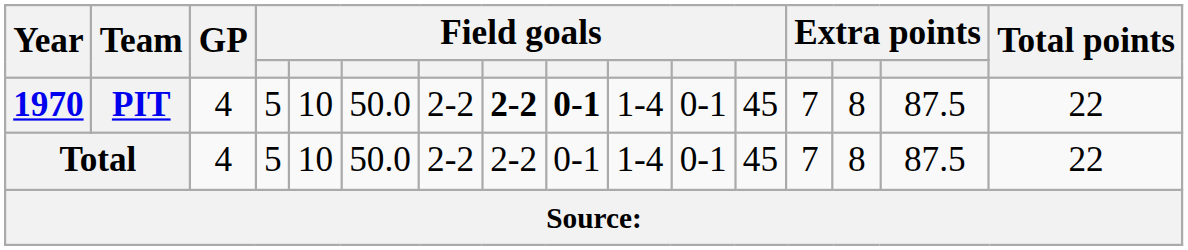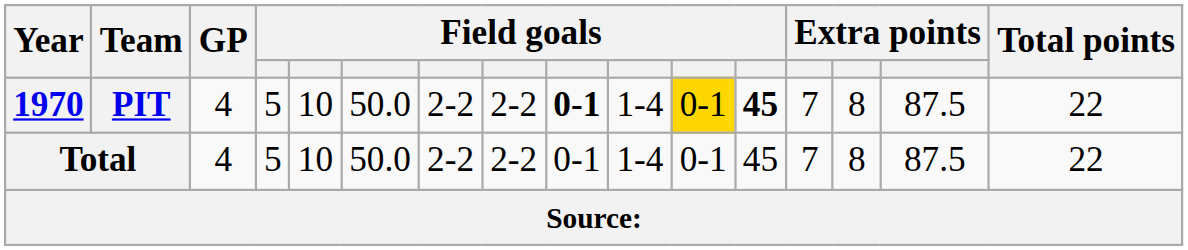 <table class="wikitable" style="text-align:center;">
 <tr>
 <th rowspan="2">Year</th>
 <th rowspan="2">Team</th>
 <th rowspan="2">GP</th>
 <th colspan="9">Field goals</th>
 <th colspan="3">Extra points</th>
 <th rowspan="2">Total points</th>
 </tr>
 <tr>
 <th></th>
 <th></th>
 <th></th>
 <th></th>
 <th></th>
 <th></th>
 <th></th>
 <th></th>
 <th></th>
 <th></th>
 <th></th>
 <th></th>
 </tr>
 <tr>
 <th><a href='#'>1970</a></th>
 <th><a href='#'>PIT</a></th>
 <td>4</td>
 <td>5</td>
 <td>10</td>
 <td>50.0</td>
 <td>2-2</td>
-<td><strong>2-2</strong></td>
+<td>2-2</td>
 <td><strong>0-1</strong></td>
 <td>1-4</td>
-<td>0-1</td>
-<td>45</td>
+<td style="background: gold;">0-1</td>
+<td><strong>45</strong></td>
 <td>7</td>
 <td>8</td>
 <td>87.5</td>
 <td>22</td>
 </tr>
 <tr>
 <th colspan="2">Total</th>
 <td>4</td>
 <td>5</td>
 <td>10</td>
 <td>50.0</td>
 <td>2-2</td>
 <td>2-2</td>
 <td>0-1</td>
 <td>1-4</td>
 <td>0-1</td>
 <td>45</td>
 <td>7</td>
 <td>8</td>
 <td>87.5</td>
 <td>22</td>
 </tr>
 <tr>
 <th colspan="16"><small>Source:</small></th>
 </tr>
 </table>
